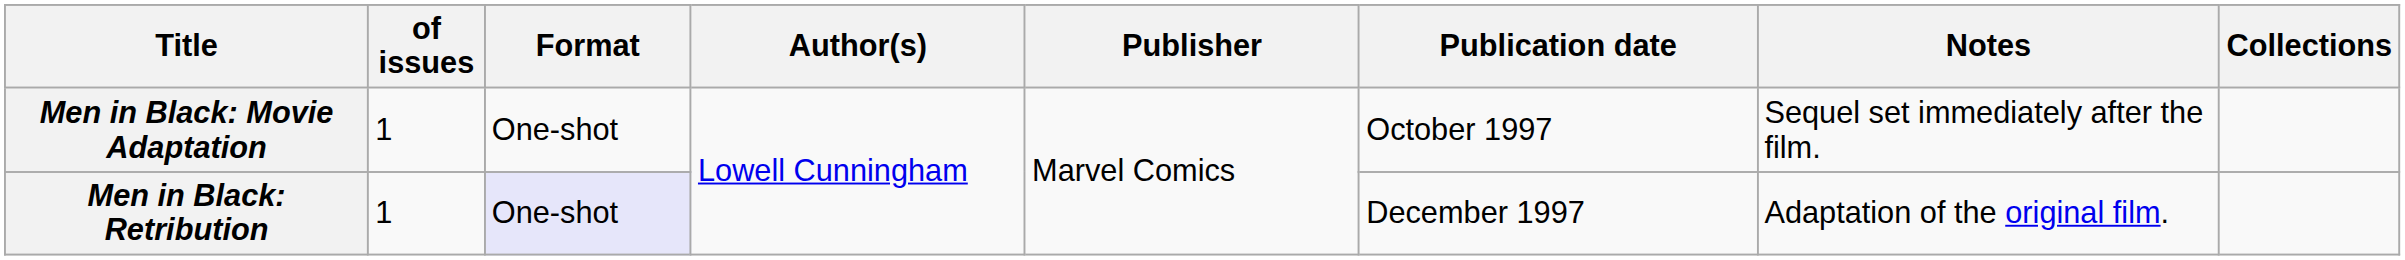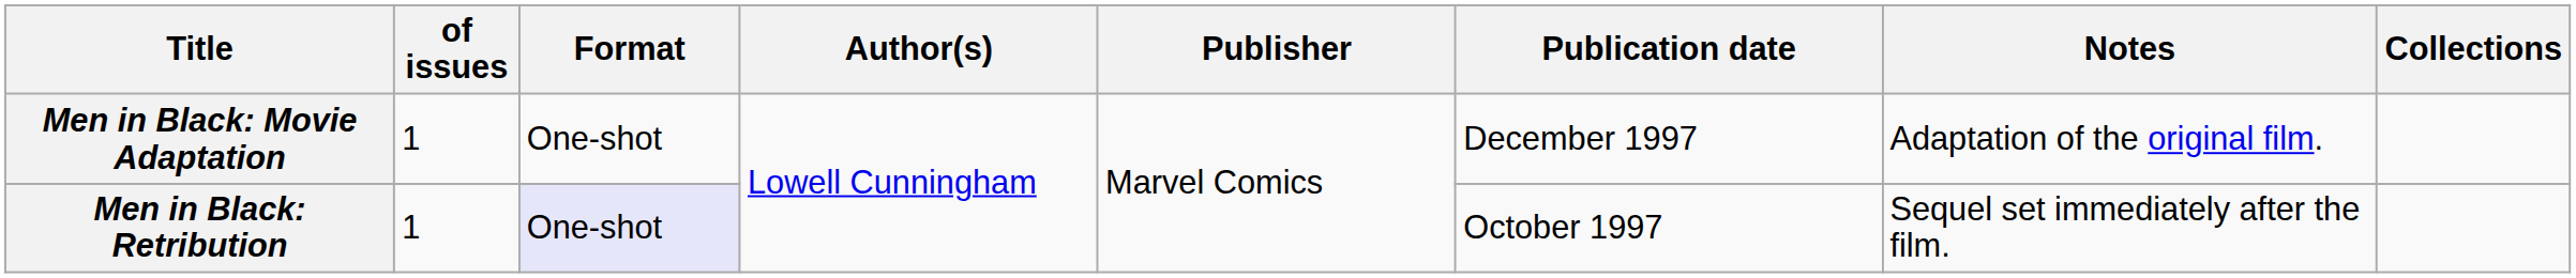 <table class="wikitable">
 <tr>
 <th>Title</th>
 <th style="width:40pt"> of issues</th>
 <th style="width:75pt">Format</th>
 <th style="width:125pt">Author(s)</th>
 <th style="width:125pt">Publisher</th>
 <th style="width:150pt">Publication date</th>
 <th style="width:175pt">Notes</th>
 <th>Collections</th>
 </tr>
 <tr>
 <th><em>Men in Black: Movie Adaptation</em></th>
 <td>1</td>
 <td>One-shot</td>
 <td rowspan="2"><a href='#'>Lowell Cunningham</a></td>
 <td rowspan="2">Marvel Comics</td>
-<td>October 1997</td>
-<td>Sequel set immediately after the film.</td>
+<td>December 1997</td>
+<td>Adaptation of the <a href='#'>original film</a>.</td>
 <td></td>
 </tr>
 <tr>
 <th><em>Men in Black: Retribution</em></th>
 <td>1</td>
 <td style="background: lavender;">One-shot</td>
-<td>December 1997</td>
-<td>Adaptation of the <a href='#'>original film</a>.</td>
+<td>October 1997</td>
+<td>Sequel set immediately after the film.</td>
 <td></td>
 </tr>
 </table>
